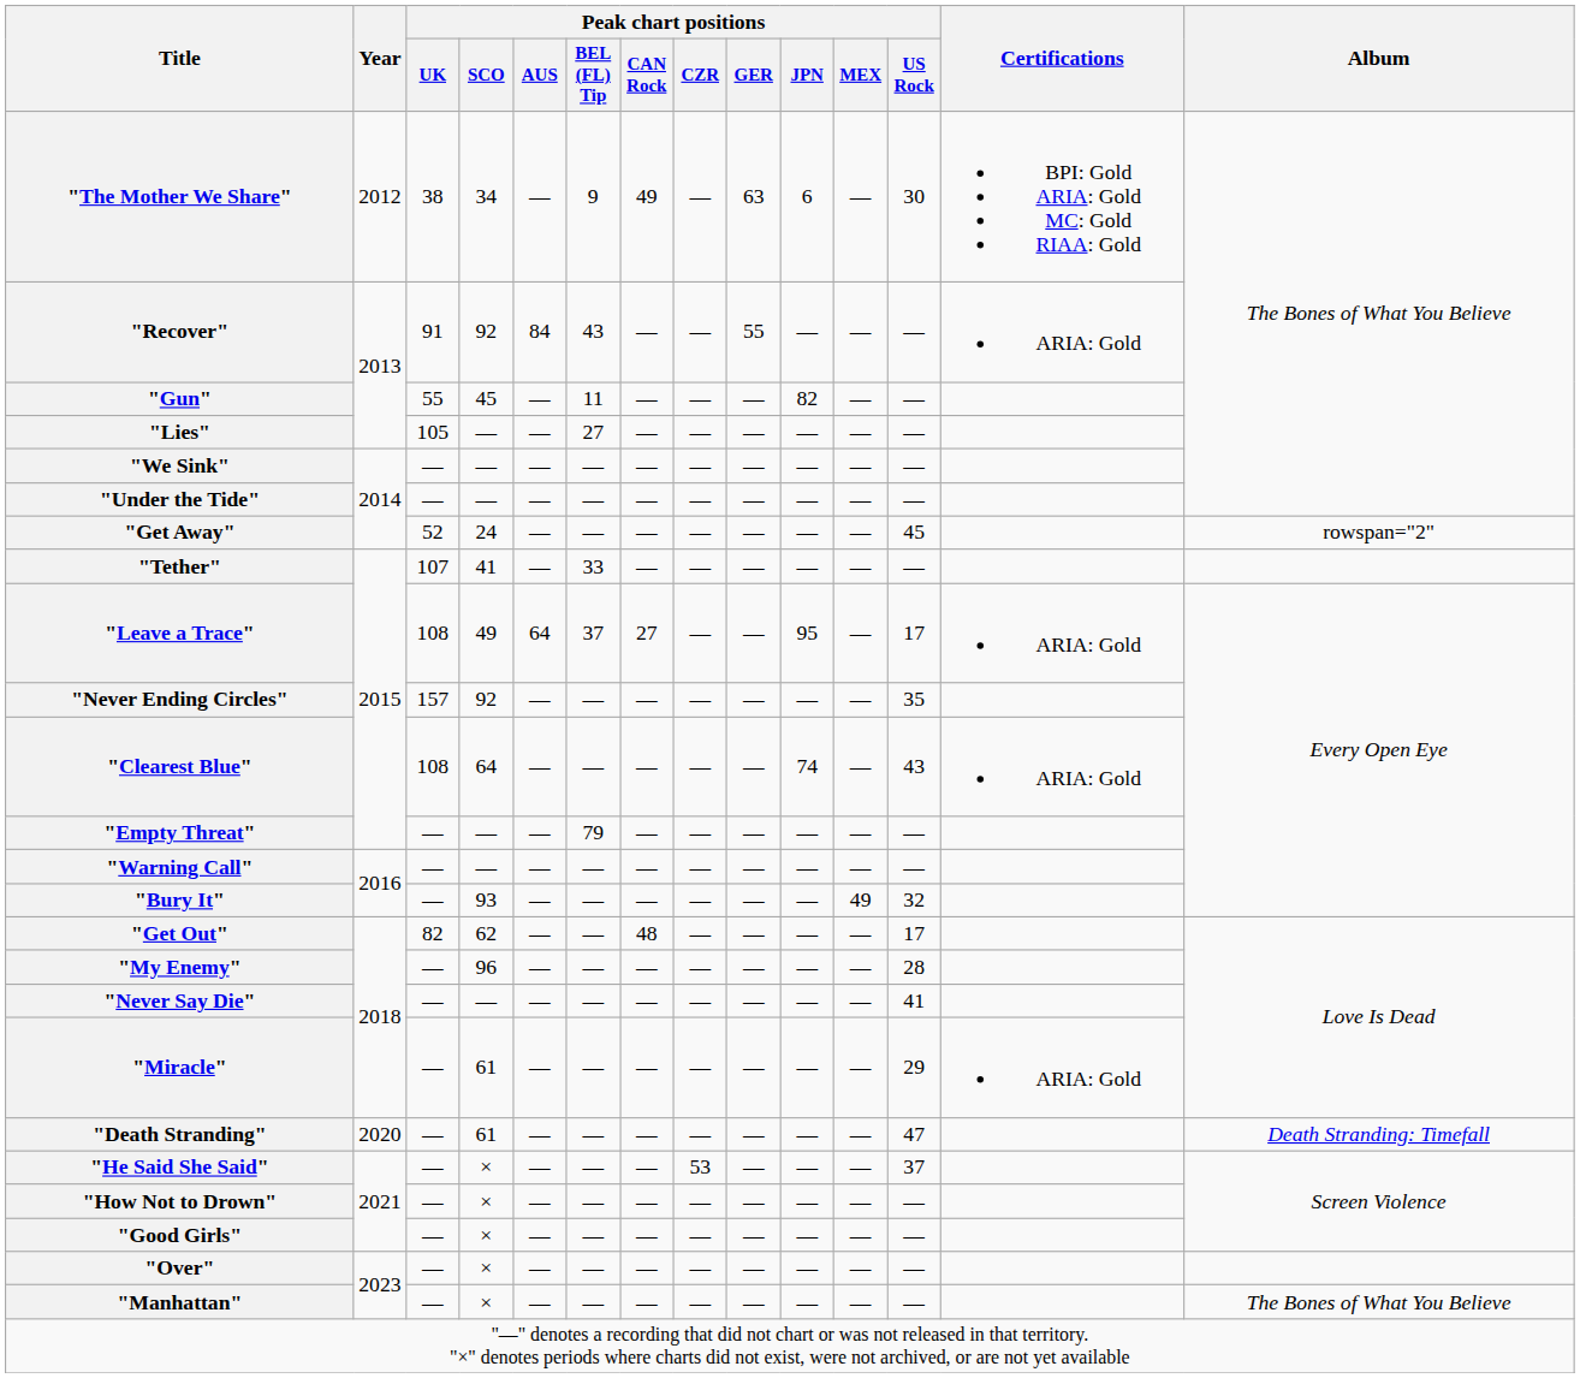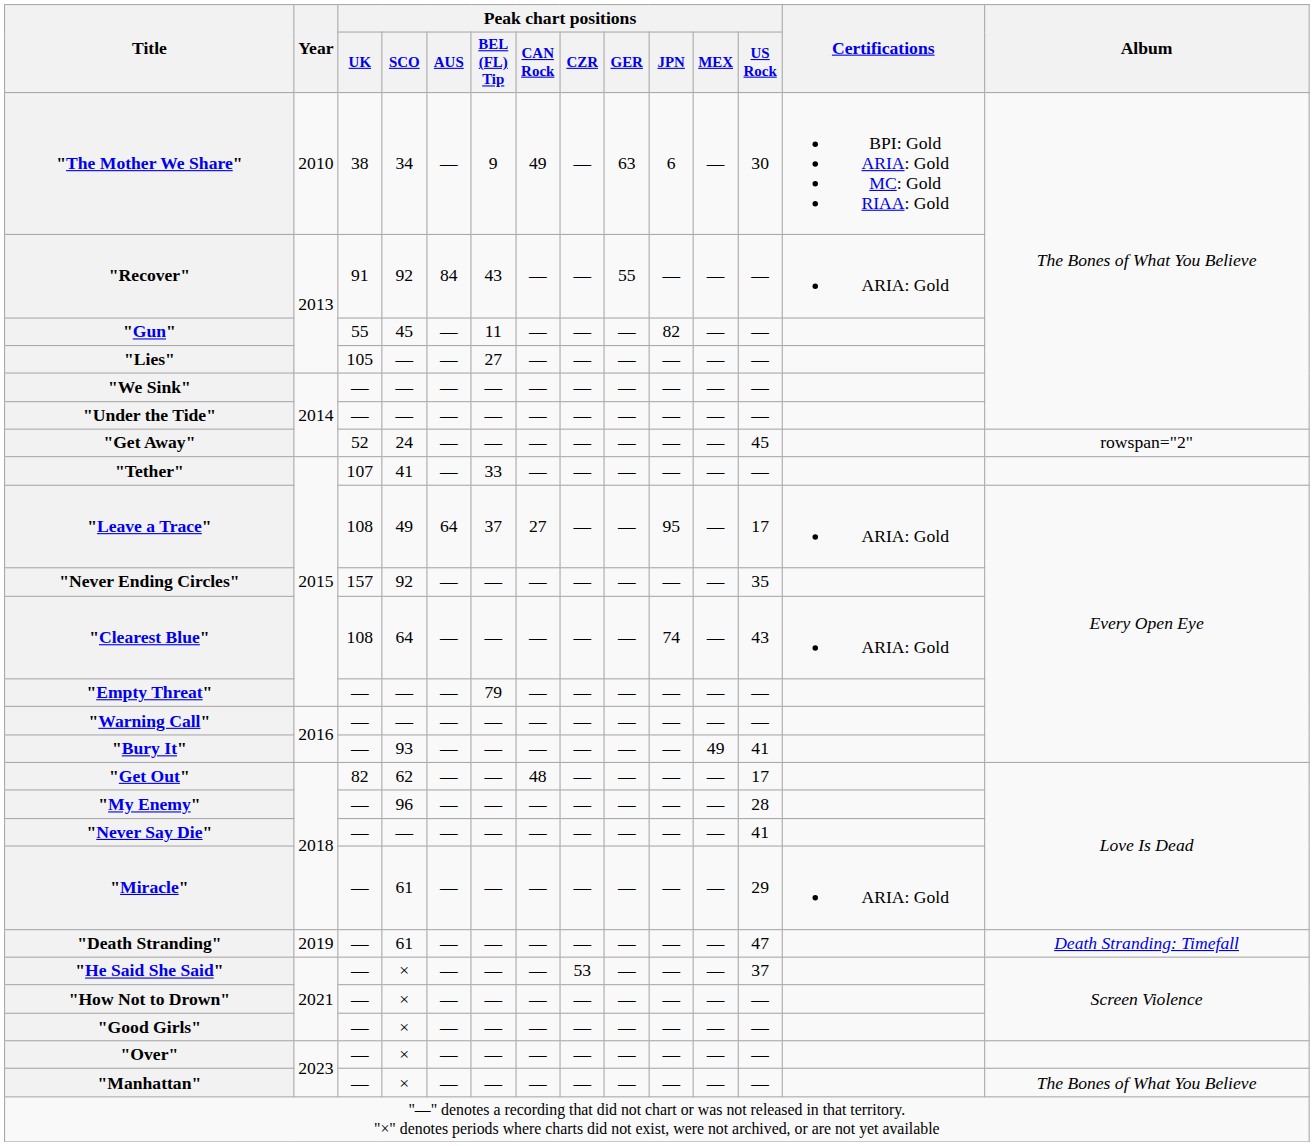 <table class="wikitable plainrowheaders" style="text-align:center;">
 <tr>
 <th scope="col" rowspan="2" style="width:16em;">Title</th>
 <th scope="col" rowspan="2" style="width:1em;">Year</th>
 <th scope="col" colspan="10">Peak chart positions</th>
 <th scope="col" rowspan="2" style="width:11em;"><a href='#'>Certifications</a></th>
 <th scope="col" rowspan="2" style="width:18em;">Album</th>
 </tr>
 <tr>
 <th scope="col" style="width:2.5em;font-size:85%;"><a href='#'>UK</a><br></th>
 <th scope="col" style="width:2.5em;font-size:85%;"><a href='#'>SCO</a><br></th>
 <th scope="col" style="width:2.5em;font-size:85%;"><a href='#'>AUS</a><br></th>
 <th scope="col" style="width:2.5em;font-size:85%;"><a href='#'>BEL<br>(FL)<br>Tip</a><br></th>
 <th scope="col" style="width:2.5em;font-size:85%;"><a href='#'>CAN<br>Rock</a><br></th>
 <th scope="col" style="width:2.5em;font-size:85%;"><a href='#'>CZR</a><br></th>
 <th scope="col" style="width:2.5em;font-size:85%;"><a href='#'>GER</a><br></th>
 <th scope="col" style="width:2.5em;font-size:85%;"><a href='#'>JPN</a><br></th>
 <th scope="col" style="width:2.5em;font-size:85%;"><a href='#'>MEX</a><br></th>
 <th scope="col" style="width:2.5em;font-size:85%;"><a href='#'>US<br>Rock</a><br></th>
 </tr>
 <tr>
 <th scope="row">"<a href='#'>The Mother We Share</a>"</th>
-<td>2012</td>
+<td>2010</td>
 <td>38</td>
 <td>34</td>
 <td>—</td>
 <td>9</td>
 <td>49</td>
 <td>—</td>
 <td>63</td>
 <td>6</td>
 <td>—</td>
 <td>30</td>
 <td><br><ul><li>BPI: Gold</li><li><a href='#'>ARIA</a>: Gold</li><li><a href='#'>MC</a>: Gold</li><li><a href='#'>RIAA</a>: Gold</li></ul></td>
 <td rowspan="6"><em>The Bones of What You Believe</em></td>
 </tr>
 <tr>
 <th scope="row">"Recover"</th>
 <td rowspan="3">2013</td>
 <td>91</td>
 <td>92</td>
 <td>84</td>
 <td>43</td>
 <td>—</td>
 <td>—</td>
 <td>55</td>
 <td>—</td>
 <td>—</td>
 <td>—</td>
 <td><br><ul><li>ARIA: Gold</li></ul></td>
 </tr>
 <tr>
 <th scope="row">"<a href='#'>Gun</a>"</th>
 <td>55</td>
 <td>45</td>
 <td>—</td>
 <td>11</td>
 <td>—</td>
 <td>—</td>
 <td>—</td>
 <td>82</td>
 <td>—</td>
 <td>—</td>
 <td></td>
 </tr>
 <tr>
 <th scope="row">"Lies"</th>
 <td>105</td>
 <td>—</td>
 <td>—</td>
 <td>27</td>
 <td>—</td>
 <td>—</td>
 <td>—</td>
 <td>—</td>
 <td>—</td>
 <td>—</td>
 <td></td>
 </tr>
 <tr>
 <th scope="row">"We Sink"</th>
 <td rowspan="3">2014</td>
 <td>—</td>
 <td>—</td>
 <td>—</td>
 <td>—</td>
 <td>—</td>
 <td>—</td>
 <td>—</td>
 <td>—</td>
 <td>—</td>
 <td>—</td>
 <td></td>
 </tr>
 <tr>
 <th scope="row">"Under the Tide"</th>
 <td>—</td>
 <td>—</td>
 <td>—</td>
 <td>—</td>
 <td>—</td>
 <td>—</td>
 <td>—</td>
 <td>—</td>
 <td>—</td>
 <td>—</td>
 <td></td>
 </tr>
 <tr>
 <th scope="row">"Get Away"</th>
 <td>52</td>
 <td>24</td>
 <td>—</td>
 <td>—</td>
 <td>—</td>
 <td>—</td>
 <td>—</td>
 <td>—</td>
 <td>—</td>
 <td>45</td>
 <td></td>
 <td>rowspan="2" </td>
 </tr>
 <tr>
 <th scope="row">"Tether"<br></th>
 <td rowspan="5">2015</td>
 <td>107</td>
 <td>41</td>
 <td>—</td>
 <td>33</td>
 <td>—</td>
 <td>—</td>
 <td>—</td>
 <td>—</td>
 <td>—</td>
 <td>—</td>
 <td></td>
 </tr>
 <tr>
 <th scope="row">"<a href='#'>Leave a Trace</a>"</th>
 <td>108</td>
 <td>49</td>
 <td>64</td>
 <td>37</td>
 <td>27</td>
 <td>—</td>
 <td>—</td>
 <td>95</td>
 <td>—</td>
 <td>17</td>
 <td><br><ul><li>ARIA: Gold</li></ul></td>
 <td rowspan="6"><em>Every Open Eye</em><br></td>
 </tr>
 <tr>
 <th scope="row">"Never Ending Circles"</th>
 <td>157</td>
 <td>92</td>
 <td>—</td>
 <td>—</td>
 <td>—</td>
 <td>—</td>
 <td>—</td>
 <td>—</td>
 <td>—</td>
 <td>35</td>
 <td></td>
 </tr>
 <tr>
 <th scope="row">"<a href='#'>Clearest Blue</a>"</th>
 <td>108</td>
 <td>64</td>
 <td>—</td>
 <td>—</td>
 <td>—</td>
 <td>—</td>
 <td>—</td>
 <td>74</td>
 <td>—</td>
 <td>43</td>
 <td><br><ul><li>ARIA: Gold</li></ul></td>
 </tr>
 <tr>
 <th scope="row">"<a href='#'>Empty Threat</a>"</th>
 <td>—</td>
 <td>—</td>
 <td>—</td>
 <td>79</td>
 <td>—</td>
 <td>—</td>
 <td>—</td>
 <td>—</td>
 <td>—</td>
 <td>—</td>
 <td></td>
 </tr>
 <tr>
 <th scope="row">"<a href='#'>Warning Call</a>"</th>
 <td rowspan="2">2016</td>
 <td>—</td>
 <td>—</td>
 <td>—</td>
 <td>—</td>
 <td>—</td>
 <td>—</td>
 <td>—</td>
 <td>—</td>
 <td>—</td>
 <td>—</td>
 <td></td>
 </tr>
 <tr>
 <th scope="row">"<a href='#'>Bury It</a>"<br></th>
 <td>—</td>
 <td>93</td>
 <td>—</td>
 <td>—</td>
 <td>—</td>
 <td>—</td>
 <td>—</td>
 <td>—</td>
 <td>49</td>
-<td>32</td>
+<td>41</td>
 <td></td>
 </tr>
 <tr>
 <th scope="row">"<a href='#'>Get Out</a>"</th>
 <td rowspan="4">2018</td>
 <td>82</td>
 <td>62</td>
 <td>—</td>
 <td>—</td>
 <td>48</td>
 <td>—</td>
 <td>—</td>
 <td>—</td>
 <td>—</td>
 <td>17</td>
 <td></td>
 <td rowspan="4"><em>Love Is Dead</em></td>
 </tr>
 <tr>
 <th scope="row">"<a href='#'>My Enemy</a>"<br></th>
 <td>—</td>
 <td>96</td>
 <td>—</td>
 <td>—</td>
 <td>—</td>
 <td>—</td>
 <td>—</td>
 <td>—</td>
 <td>—</td>
 <td>28</td>
 <td></td>
 </tr>
 <tr>
 <th scope="row">"<a href='#'>Never Say Die</a>"</th>
 <td>—</td>
 <td>—</td>
 <td>—</td>
 <td>—</td>
 <td>—</td>
 <td>—</td>
 <td>—</td>
 <td>—</td>
 <td>—</td>
 <td>41</td>
 <td></td>
 </tr>
 <tr>
 <th scope="row">"<a href='#'>Miracle</a>"</th>
 <td>—</td>
 <td>61</td>
 <td>—</td>
 <td>—</td>
 <td>—</td>
 <td>—</td>
 <td>—</td>
 <td>—</td>
 <td>—</td>
 <td>29</td>
 <td><br><ul><li>ARIA: Gold</li></ul></td>
 </tr>
 <tr>
 <th scope="row">"Death Stranding"</th>
-<td>2020</td>
+<td>2019</td>
 <td>—</td>
 <td>61</td>
 <td>—</td>
 <td>—</td>
 <td>—</td>
 <td>—</td>
 <td>—</td>
 <td>—</td>
 <td>—</td>
 <td>47</td>
 <td></td>
 <td><em><a href='#'>Death Stranding: Timefall</a></em></td>
 </tr>
 <tr>
 <th scope="row">"<a href='#'>He Said She Said</a>"</th>
 <td rowspan="3">2021</td>
 <td>—</td>
 <td>×</td>
 <td>—</td>
 <td>—</td>
 <td>—</td>
 <td>53</td>
 <td>—</td>
 <td>—</td>
 <td>—</td>
 <td>37</td>
 <td></td>
 <td rowspan="3"><em>Screen Violence</em></td>
 </tr>
 <tr>
 <th scope="row">"How Not to Drown"<br></th>
 <td>—</td>
 <td>×</td>
 <td>—</td>
 <td>—</td>
 <td>—</td>
 <td>—</td>
 <td>—</td>
 <td>—</td>
 <td>—</td>
 <td>—</td>
 <td></td>
 </tr>
 <tr>
 <th scope="row">"Good Girls"</th>
 <td>—</td>
 <td>×</td>
 <td>—</td>
 <td>—</td>
 <td>—</td>
 <td>—</td>
 <td>—</td>
 <td>—</td>
 <td>—</td>
 <td>—</td>
 <td></td>
 </tr>
 <tr>
 <th scope="row">"Over"</th>
 <td rowspan="2">2023</td>
 <td>—</td>
 <td>×</td>
 <td>—</td>
 <td>—</td>
 <td>—</td>
 <td>—</td>
 <td>—</td>
 <td>—</td>
 <td>—</td>
 <td>—</td>
 <td></td>
 <td></td>
 </tr>
 <tr>
 <th scope="row">"Manhattan"</th>
 <td>—</td>
 <td>×</td>
 <td>—</td>
 <td>—</td>
 <td>—</td>
 <td>—</td>
 <td>—</td>
 <td>—</td>
 <td>—</td>
 <td>—</td>
 <td></td>
 <td><em>The Bones of What You Believe</em> <br></td>
 </tr>
 <tr>
 <td colspan="14" style="font-size:90%">"—" denotes a recording that did not chart or was not released in that territory.<br>"×" denotes periods where charts did not exist, were not archived, or are not yet available</td>
 </tr>
 </table>
